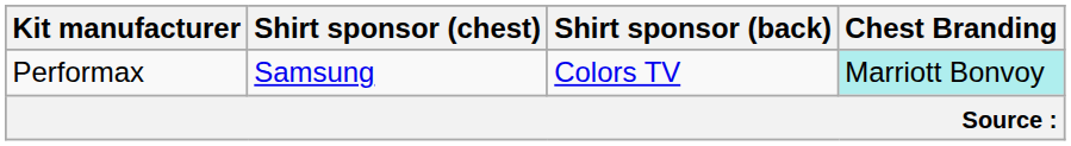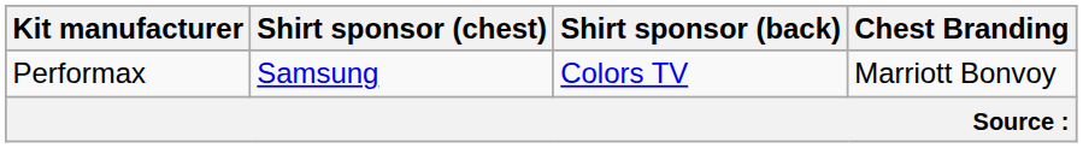 <table class="wikitable"  style="font-size:85%;">
 <tr>
 <th>Kit manufacturer</th>
 <th>Shirt sponsor (chest)</th>
 <th>Shirt sponsor (back)</th>
 <th>Chest Branding</th>
 </tr>
 <tr>
 <td>Performax</td>
 <td><a href='#'>Samsung</a></td>
 <td><a href='#'>Colors TV</a></td>
-<td style="background: paleturquoise;">Marriott Bonvoy</td>
+<td>Marriott Bonvoy</td>
 </tr>
 <tr>
 <th colspan="4" style="text-align:right;"><small> Source :</small></th>
 </tr>
 </table>
